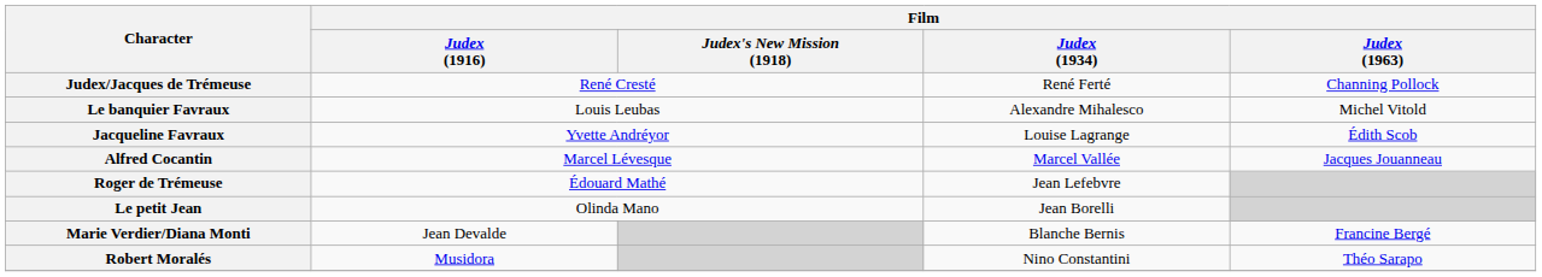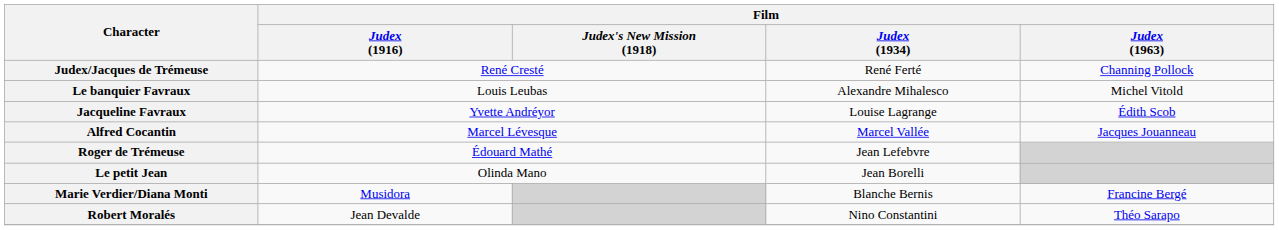 <table class="wikitable" style="text-align:center" width=99%>
 <tr>
 <th rowspan="2" width="15%">Character</th>
 <th colspan="5" align="center">Film</th>
 </tr>
 <tr>
 <th align="center" width="15%"><em><a href='#'>Judex</a></em> <br> (1916)</th>
 <th align="center" width="15%"><em>Judex's New Mission</em> <br> (1918)</th>
 <th align="center" width="15%"><em><a href='#'>Judex</a></em> <br> (1934)</th>
 <th align="center" width="15%"><em><a href='#'>Judex</a></em> <br> (1963)</th>
 </tr>
 <tr>
 <th>Judex/Jacques de Trémeuse</th>
 <td colspan="2"><a href='#'>René Cresté</a></td>
 <td>René Ferté</td>
 <td><a href='#'>Channing Pollock</a></td>
 </tr>
 <tr>
 <th>Le banquier Favraux</th>
 <td colspan="2">Louis Leubas</td>
 <td>Alexandre Mihalesco</td>
 <td>Michel Vitold</td>
 </tr>
 <tr>
 <th>Jacqueline Favraux</th>
 <td colspan="2"><a href='#'>Yvette Andréyor</a></td>
 <td>Louise Lagrange</td>
 <td><a href='#'>Édith Scob</a></td>
 </tr>
 <tr>
 <th>Alfred Cocantin</th>
 <td colspan="2"><a href='#'>Marcel Lévesque</a></td>
 <td><a href='#'>Marcel Vallée</a></td>
 <td><a href='#'>Jacques Jouanneau</a></td>
 </tr>
 <tr>
 <th>Roger de Trémeuse</th>
 <td colspan="2"><a href='#'>Édouard Mathé</a></td>
 <td>Jean Lefebvre</td>
 <td colspan="1" style="background-color:lightgrey;"> </td>
 </tr>
 <tr>
 <th>Le petit Jean</th>
 <td colspan="2">Olinda Mano</td>
 <td>Jean Borelli</td>
 <td colspan="1" style="background-color:lightgrey;"> </td>
 </tr>
 <tr>
 <th>Marie Verdier/Diana Monti</th>
-<td>Jean Devalde</td>
+<td><a href='#'>Musidora</a></td>
 <td colspan="1" style="background-color:lightgrey;"> </td>
 <td>Blanche Bernis</td>
 <td><a href='#'>Francine Bergé</a></td>
 </tr>
 <tr>
 <th>Robert Moralés</th>
-<td><a href='#'>Musidora</a></td>
+<td>Jean Devalde</td>
 <td colspan="1" style="background-color:lightgrey;"> </td>
 <td>Nino Constantini</td>
 <td><a href='#'>Théo Sarapo</a></td>
 </tr>
 <tr>
 </tr>
 </table>
